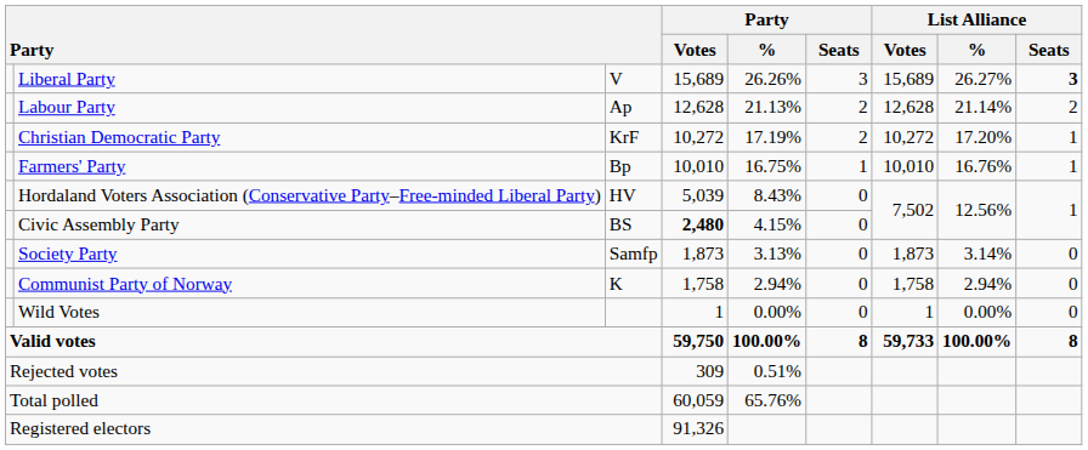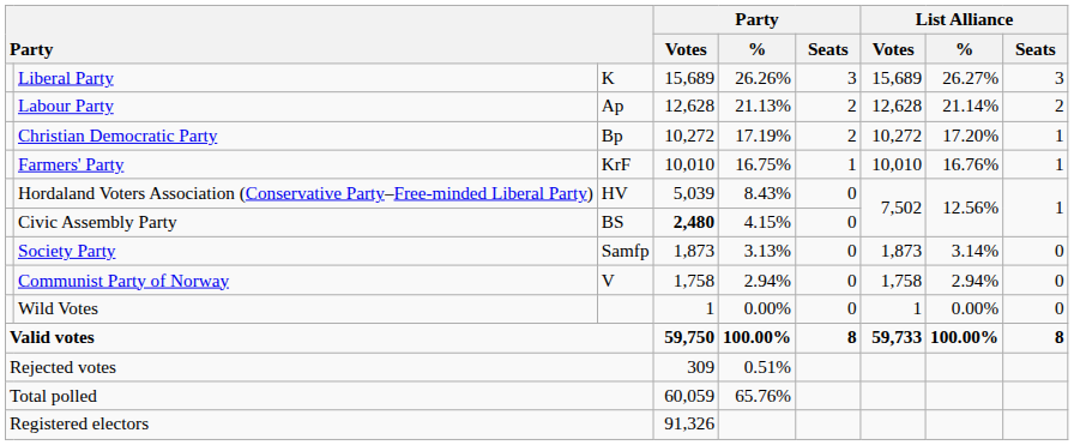 <table class="wikitable" border="1" style="text-align:right;">
 <tr>
 <th style="text-align:left;" valign=bottom rowspan=2 colspan=3>Party</th>
 <th colspan=3>Party</th>
 <th colspan=3>List Alliance</th>
 </tr>
 <tr>
 <th align=center valign=bottom width="50">Votes</th>
 <th align=center valign=bottom width="50">%</th>
 <th align=center valign=bottom width="50">Seats</th>
 <th align=center valign=bottom width="50">Votes</th>
 <th align=center valign=bottom width="50">%</th>
 <th align=center valign=bottom width="50">Seats</th>
 </tr>
 <tr>
 <td style="color:inherit;background:"></td>
 <td align=left><a href='#'>Liberal Party</a></td>
-<td align=left>V</td>
+<td align=left>K</td>
 <td>15,689</td>
 <td>26.26%</td>
 <td>3</td>
 <td>15,689</td>
 <td>26.27%</td>
-<td><strong>3</strong></td>
+<td>3</td>
 </tr>
 <tr>
 <td style="color:inherit;background:"></td>
 <td align=left><a href='#'>Labour Party</a></td>
 <td align=left>Ap</td>
 <td>12,628</td>
 <td>21.13%</td>
 <td>2</td>
 <td>12,628</td>
 <td>21.14%</td>
 <td>2</td>
 </tr>
 <tr>
 <td style="color:inherit;background:"></td>
 <td align=left><a href='#'>Christian Democratic Party</a></td>
-<td align=left>KrF</td>
+<td align=left>Bp</td>
 <td>10,272</td>
 <td>17.19%</td>
 <td>2</td>
 <td>10,272</td>
 <td>17.20%</td>
 <td>1</td>
 </tr>
 <tr>
 <td style="color:inherit;background:"></td>
 <td align=left><a href='#'>Farmers' Party</a></td>
-<td align=left>Bp</td>
+<td align=left>KrF</td>
 <td>10,010</td>
 <td>16.75%</td>
 <td>1</td>
 <td>10,010</td>
 <td>16.76%</td>
 <td>1</td>
 </tr>
 <tr>
 <td></td>
 <td align=left>Hordaland Voters Association (<a href='#'>Conservative Party</a>–<a href='#'>Free-minded Liberal Party</a>)</td>
 <td align=left>HV</td>
 <td>5,039</td>
 <td>8.43%</td>
 <td>0</td>
 <td rowspan=2>7,502</td>
 <td rowspan=2>12.56%</td>
 <td rowspan=2>1</td>
 </tr>
 <tr>
 <td></td>
 <td align=left>Civic Assembly Party</td>
 <td align=left>BS</td>
 <td><strong>2,480</strong></td>
 <td>4.15%</td>
 <td>0</td>
 </tr>
 <tr>
 <td></td>
 <td align=left><a href='#'>Society Party</a></td>
 <td align=left>Samfp</td>
 <td>1,873</td>
 <td>3.13%</td>
 <td>0</td>
 <td>1,873</td>
 <td>3.14%</td>
 <td>0</td>
 </tr>
 <tr>
 <td style="color:inherit;background:"></td>
 <td align=left><a href='#'>Communist Party of Norway</a></td>
-<td align=left>K</td>
+<td align=left>V</td>
 <td>1,758</td>
 <td>2.94%</td>
 <td>0</td>
 <td>1,758</td>
 <td>2.94%</td>
 <td>0</td>
 </tr>
 <tr>
 <td></td>
 <td align=left>Wild Votes</td>
 <td align=left></td>
 <td>1</td>
 <td>0.00%</td>
 <td>0</td>
 <td>1</td>
 <td>0.00%</td>
 <td>0</td>
 </tr>
 <tr style="font-weight:bold">
 <td align=left colspan=3>Valid votes</td>
 <td>59,750</td>
 <td>100.00%</td>
 <td>8</td>
 <td>59,733</td>
 <td>100.00%</td>
 <td>8</td>
 </tr>
 <tr>
 <td align=left colspan=3>Rejected votes</td>
 <td>309</td>
 <td>0.51%</td>
 <td></td>
 <td></td>
 <td></td>
 <td></td>
 </tr>
 <tr>
 <td align=left colspan=3>Total polled</td>
 <td>60,059</td>
 <td>65.76%</td>
 <td></td>
 <td></td>
 <td></td>
 <td></td>
 </tr>
 <tr>
 <td align=left colspan=3>Registered electors</td>
 <td>91,326</td>
 <td></td>
 <td></td>
 <td></td>
 <td></td>
 <td></td>
 </tr>
 </table>
